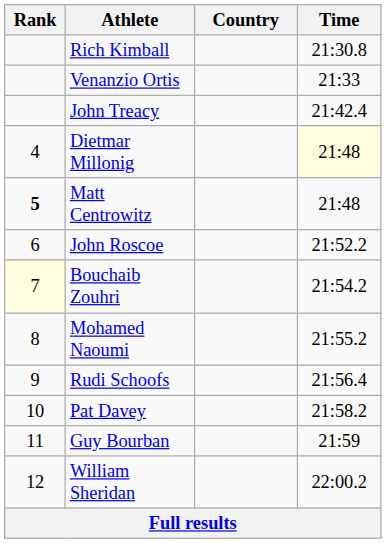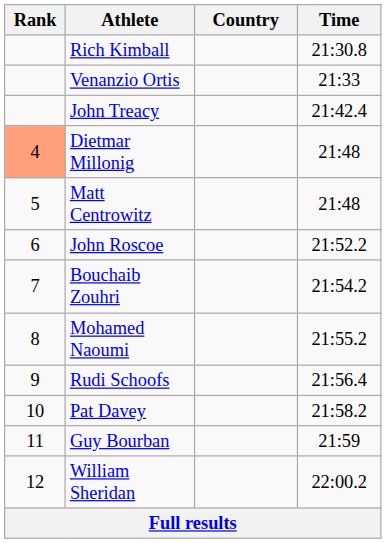 <table class="wikitable sortable" style=" text-align:center; font-size:95%;" width="50%">
 <tr>
 <th width=5%>Rank</th>
 <th width=20%>Athlete</th>
 <th width=15%>Country</th>
 <th width=10%>Time</th>
 </tr>
 <tr>
 <td align=center></td>
 <td align=left><a href='#'>Rich Kimball</a></td>
 <td align=left></td>
 <td>21:30.8</td>
 </tr>
 <tr>
 <td align=center></td>
 <td align=left><a href='#'>Venanzio Ortis</a></td>
 <td align=left></td>
 <td>21:33</td>
 </tr>
 <tr>
 <td align=center></td>
 <td align=left><a href='#'>John Treacy</a></td>
 <td align=left></td>
 <td>21:42.4</td>
 </tr>
 <tr>
-<td align=center>4</td>
+<td align=center style="background: lightsalmon;">4</td>
 <td align=left><a href='#'>Dietmar Millonig</a></td>
 <td align=left></td>
-<td style="background: lightyellow;">21:48</td>
+<td>21:48</td>
 </tr>
 <tr>
-<td align=center><strong>5</strong></td>
+<td align=center>5</td>
 <td align=left><a href='#'>Matt Centrowitz</a></td>
 <td align=left></td>
 <td>21:48</td>
 </tr>
 <tr>
 <td align=center>6</td>
 <td align=left><a href='#'>John Roscoe</a></td>
 <td align=left></td>
 <td>21:52.2</td>
 </tr>
 <tr>
-<td align=center style="background: lightyellow;">7</td>
+<td align=center>7</td>
 <td align=left><a href='#'>Bouchaib Zouhri</a></td>
 <td align=left></td>
 <td>21:54.2</td>
 </tr>
 <tr>
 <td align=center>8</td>
 <td align=left><a href='#'>Mohamed Naoumi</a></td>
 <td align=left></td>
 <td>21:55.2</td>
 </tr>
 <tr>
 <td align=center>9</td>
 <td align=left><a href='#'>Rudi Schoofs</a></td>
 <td align=left></td>
 <td>21:56.4</td>
 </tr>
 <tr>
 <td align=center>10</td>
 <td align=left><a href='#'>Pat Davey</a></td>
 <td align=left></td>
 <td>21:58.2</td>
 </tr>
 <tr>
 <td align=center>11</td>
 <td align=left><a href='#'>Guy Bourban</a></td>
 <td align=left></td>
 <td>21:59</td>
 </tr>
 <tr>
 <td align=center>12</td>
 <td align=left><a href='#'>William Sheridan</a></td>
 <td align=left></td>
 <td>22:00.2</td>
 </tr>
 <tr class="sortbottom">
 <th colspan=4 align=center><a href='#'>Full results</a></th>
 </tr>
 </table>
